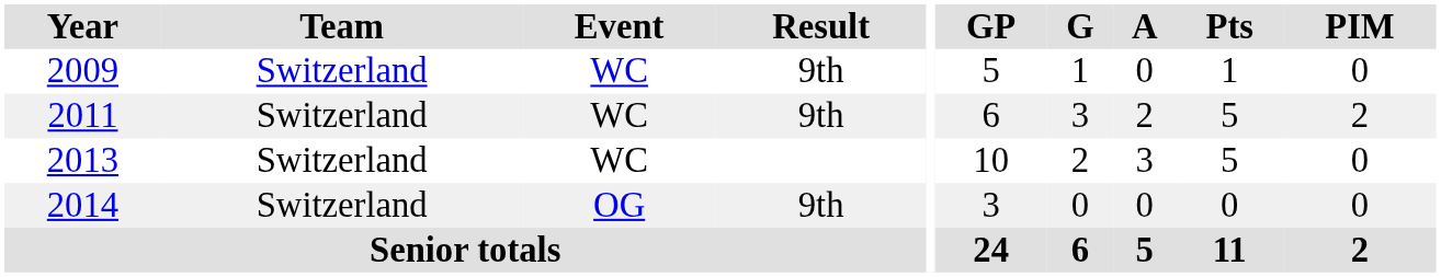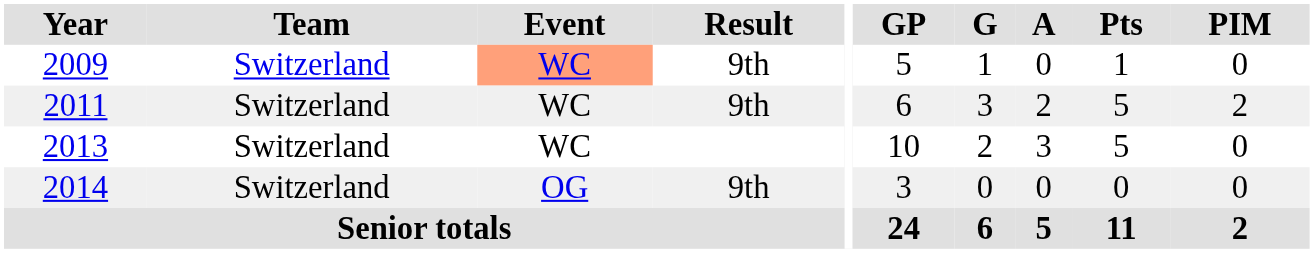 <table border="0" cellpadding="1" cellspacing="0" ID="Table3" style="text-align:center; width:40em">
 <tr ALIGN="center" bgcolor="#e0e0e0">
 <th>Year</th>
 <th>Team</th>
 <th>Event</th>
 <th>Result</th>
 <th rowspan="99" bgcolor="#ffffff"></th>
 <th>GP</th>
 <th>G</th>
 <th>A</th>
 <th>Pts</th>
 <th>PIM</th>
 </tr>
 <tr>
 <td><a href='#'>2009</a></td>
 <td><a href='#'>Switzerland</a></td>
-<td><a href='#'>WC</a></td>
+<td style="background: lightsalmon;"><a href='#'>WC</a></td>
 <td>9th</td>
 <td>5</td>
 <td>1</td>
 <td>0</td>
 <td>1</td>
 <td>0</td>
 </tr>
 <tr bgcolor="#f0f0f0">
 <td><a href='#'>2011</a></td>
 <td>Switzerland</td>
 <td>WC</td>
 <td>9th</td>
 <td>6</td>
 <td>3</td>
 <td>2</td>
 <td>5</td>
 <td>2</td>
 </tr>
 <tr>
 <td><a href='#'>2013</a></td>
 <td>Switzerland</td>
 <td>WC</td>
 <td></td>
 <td>10</td>
 <td>2</td>
 <td>3</td>
 <td>5</td>
 <td>0</td>
 </tr>
 <tr bgcolor="#f0f0f0">
 <td><a href='#'>2014</a></td>
 <td>Switzerland</td>
 <td><a href='#'>OG</a></td>
 <td>9th</td>
 <td>3</td>
 <td>0</td>
 <td>0</td>
 <td>0</td>
 <td>0</td>
 </tr>
 <tr bgcolor="#e0e0e0">
 <th colspan="4">Senior totals</th>
 <th>24</th>
 <th>6</th>
 <th>5</th>
 <th>11</th>
 <th>2</th>
 </tr>
 </table>
